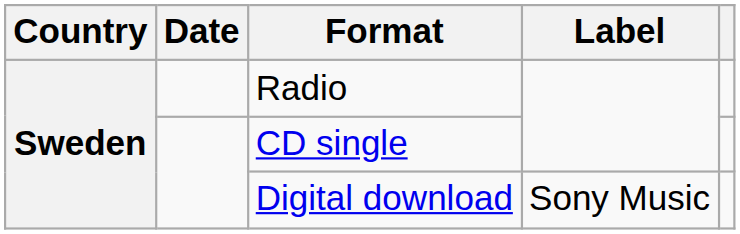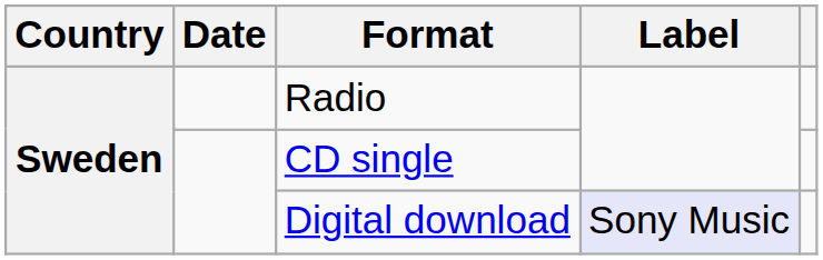 <table class="wikitable plainrowheaders">
 <tr>
 <th scope="col">Country</th>
 <th scope="col">Date</th>
 <th scope="col">Format</th>
 <th scope="col">Label</th>
 <th scope="col"></th>
 </tr>
 <tr>
 <th scope="row" rowspan="3">Sweden</th>
 <td></td>
 <td>Radio</td>
 <td rowspan="2"></td>
 <td></td>
 </tr>
 <tr>
 <td rowspan="2"></td>
 <td><a href='#'>CD single</a></td>
 <td></td>
 </tr>
 <tr>
 <td><a href='#'>Digital download</a></td>
-<td>Sony Music</td>
+<td style="background: lavender;">Sony Music</td>
 <td></td>
 </tr>
 </table>
